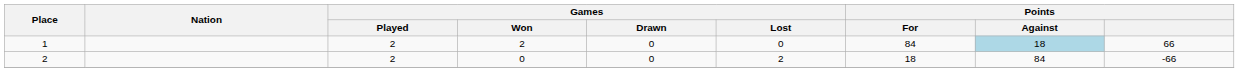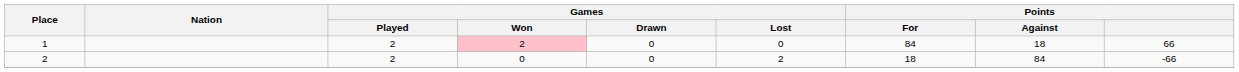 <table class="wikitable" style="width:100%;text-align:center">
 <tr>
 <th rowspan="2" style="width:5%">Place</th>
 <th rowspan="2" style="width:15%">Nation</th>
 <th colspan="4" style="width:32%">Games</th>
 <th colspan="3" style="width:18%">Points</th>
 </tr>
 <tr>
 <th style="width:8%">Played</th>
 <th style="width:8%">Won</th>
 <th style="width:8%">Drawn</th>
 <th style="width:8%">Lost</th>
 <th style="width:8%">For</th>
 <th style="width:8%">Against</th>
 <th style="width:8%"></th>
 </tr>
 <tr align="center">
 <td>1</td>
 <td align="left"></td>
 <td>2</td>
-<td>2</td>
+<td style="background: pink;">2</td>
 <td>0</td>
 <td>0</td>
 <td>84</td>
-<td style="background: lightblue;">18</td>
+<td>18</td>
 <td>66</td>
 </tr>
 <tr align="center">
 <td>2</td>
 <td align="left"></td>
 <td>2</td>
 <td>0</td>
 <td>0</td>
 <td>2</td>
 <td>18</td>
 <td>84</td>
 <td>-66</td>
 </tr>
 <tr align="center">
 </tr>
 </table>
